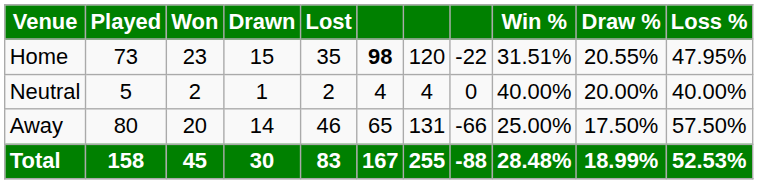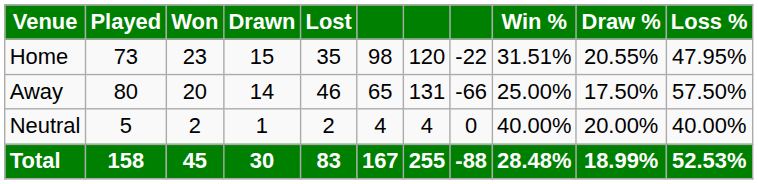 <table class="wikitable sortable" style="text-align:center">
 <tr>
 <th style="background-color:#008000; color:white; ">Venue</th>
 <th style="background-color:#008000; color:white; ">Played</th>
 <th style="background-color:#008000; color:white; ">Won</th>
 <th style="background-color:#008000; color:white; ">Drawn</th>
 <th style="background-color:#008000; color:white; ">Lost</th>
 <th style="background-color:#008000; color:white; "></th>
 <th style="background-color:#008000; color:white; "></th>
 <th style="background-color:#008000; color:white; "></th>
 <th style="background-color:#008000; color:white; ">Win %</th>
 <th style="background-color:#008000; color:white; ">Draw %</th>
 <th style="background-color:#008000; color:white; ">Loss %</th>
 </tr>
 <tr>
 <td style="text-align:left;">Home</td>
 <td>73</td>
 <td>23</td>
 <td>15</td>
 <td>35</td>
-<td><strong>98</strong></td>
+<td>98</td>
 <td>120</td>
 <td>-22</td>
 <td>31.51%</td>
 <td>20.55%</td>
 <td>47.95%</td>
+</tr>
+<tr>
+<td style="text-align:left;">Away</td>
+<td>80</td>
+<td>20</td>
+<td>14</td>
+<td>46</td>
+<td>65</td>
+<td>131</td>
+<td>-66</td>
+<td>25.00%</td>
+<td>17.50%</td>
+<td>57.50%</td>
 </tr>
 <tr>
 <td style="text-align:left;">Neutral</td>
 <td>5</td>
 <td>2</td>
 <td>1</td>
 <td>2</td>
 <td>4</td>
 <td>4</td>
 <td>0</td>
 <td>40.00%</td>
 <td>20.00%</td>
 <td>40.00%</td>
-</tr>
-<tr>
-<td style="text-align:left;">Away</td>
-<td>80</td>
-<td>20</td>
-<td>14</td>
-<td>46</td>
-<td>65</td>
-<td>131</td>
-<td>-66</td>
-<td>25.00%</td>
-<td>17.50%</td>
-<td>57.50%</td>
 </tr>
 <tr class="sortbottom">
 <th style="background-color:#008000; text-align:left; color:white; "><strong>Total</strong></th>
 <th style="background-color:#008000; color:white; "><strong>158</strong></th>
 <th style="background-color:#008000; color:white; "><strong>45</strong></th>
 <th style="background-color:#008000; color:white; "><strong>30</strong></th>
 <th style="background-color:#008000; color:white; "><strong>83</strong></th>
 <th style="background-color:#008000; color:white; "><strong>167</strong></th>
 <th style="background-color:#008000; color:white; "><strong>255</strong></th>
 <th style="background-color:#008000; color:white; "><strong>-88</strong></th>
 <th style="background-color:#008000; color:white; "><strong>28.48%</strong></th>
 <th style="background-color:#008000; color:white; "><strong>18.99%</strong></th>
 <th style="background-color:#008000; color:white; "><strong>52.53%</strong></th>
 </tr>
 <tr>
 </tr>
 </table>
